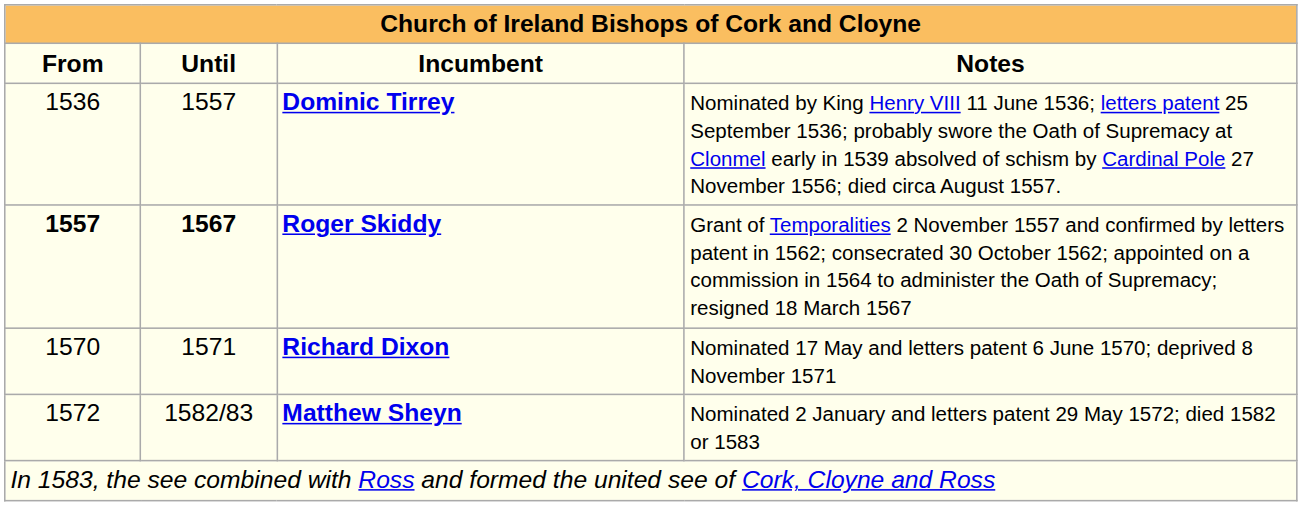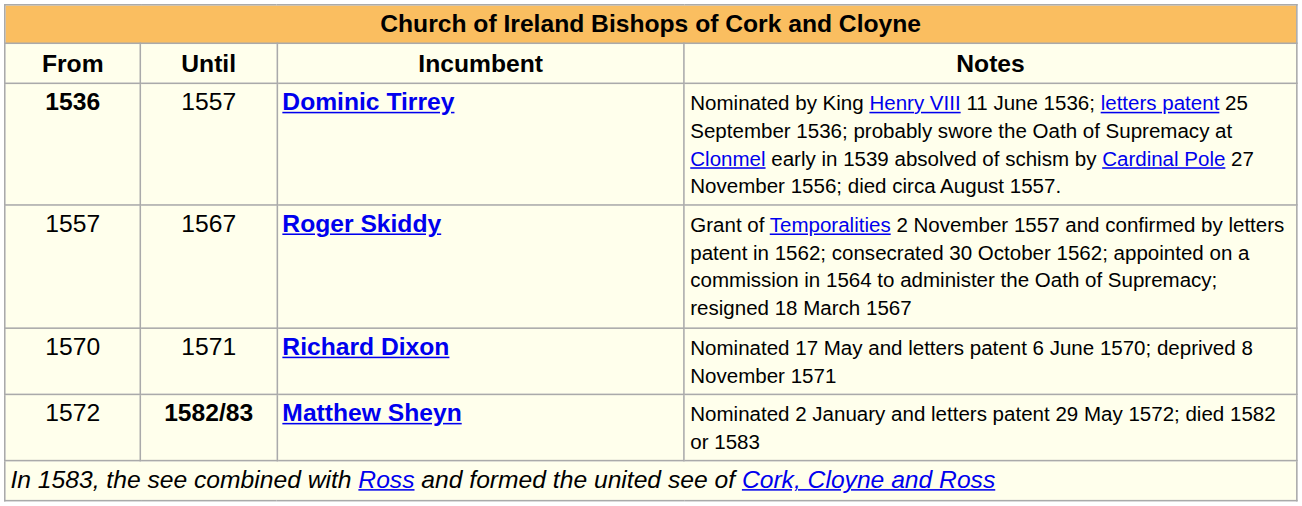 <table class="wikitable" style="width:95%; border:1">
 <tr>
 <th style="background-color:#FABE60" colspan="4">Church of Ireland Bishops of Cork and Cloyne</th>
 </tr>
 <tr align=center>
 <th style="background-color:#ffffec" width="10%">From</th>
 <th style="background-color:#ffffec" width="10%">Until</th>
 <th style="background-color:#ffffec" width="30%">Incumbent</th>
 <th style="background-color:#ffffec" width="45%">Notes</th>
 </tr>
 <tr valign=top bgcolor="#ffffec">
-<td align=center>1536</td>
+<td align=center><strong>1536</strong></td>
 <td align=center>1557</td>
 <td><strong><a href='#'>Dominic Tirrey</a></strong> </td>
 <td><small>Nominated by King <a href='#'>Henry VIII</a> 11 June 1536; <a href='#'>letters patent</a> 25 September 1536; probably swore the Oath of Supremacy at <a href='#'>Clonmel</a> early in 1539 absolved of schism by <a href='#'>Cardinal Pole</a> 27 November 1556; died circa August 1557.</small></td>
 </tr>
 <tr valign=top bgcolor="#ffffec">
-<td align=center><strong>1557</strong></td>
-<td align=center><strong>1567</strong></td>
+<td align=center>1557</td>
+<td align=center>1567</td>
 <td><strong><a href='#'>Roger Skiddy</a></strong> </td>
 <td><small>Grant of <a href='#'>Temporalities</a> 2 November 1557 and confirmed by letters patent in 1562; consecrated 30 October 1562; appointed on a commission in 1564 to administer the Oath of Supremacy; resigned 18 March 1567</small></td>
 </tr>
 <tr valign=top bgcolor="#ffffec">
 <td align=center>1570</td>
 <td align=center>1571</td>
 <td><strong><a href='#'>Richard Dixon</a></strong></td>
 <td><small>Nominated 17 May and letters patent 6 June 1570; deprived 8 November 1571</small></td>
 </tr>
 <tr valign=top bgcolor="#ffffec">
 <td align=center>1572</td>
-<td align=center>1582/83</td>
+<td align=center><strong>1582/83</strong></td>
 <td><strong><a href='#'>Matthew Sheyn</a></strong></td>
 <td><small>Nominated 2 January and letters patent 29 May 1572; died 1582 or 1583</small></td>
 </tr>
 <tr valign=top bgcolor="#ffffec">
 <td colspan=4><em>In 1583, the see combined with <a href='#'>Ross</a> and formed the united see of <a href='#'>Cork, Cloyne and Ross</a></em></td>
 </tr>
 </table>
